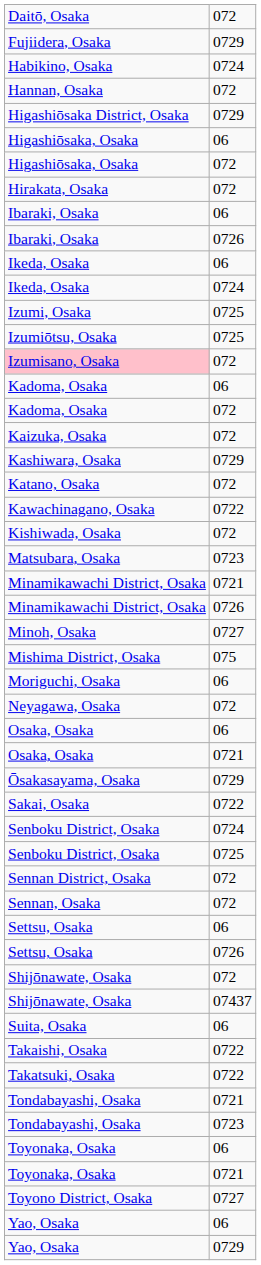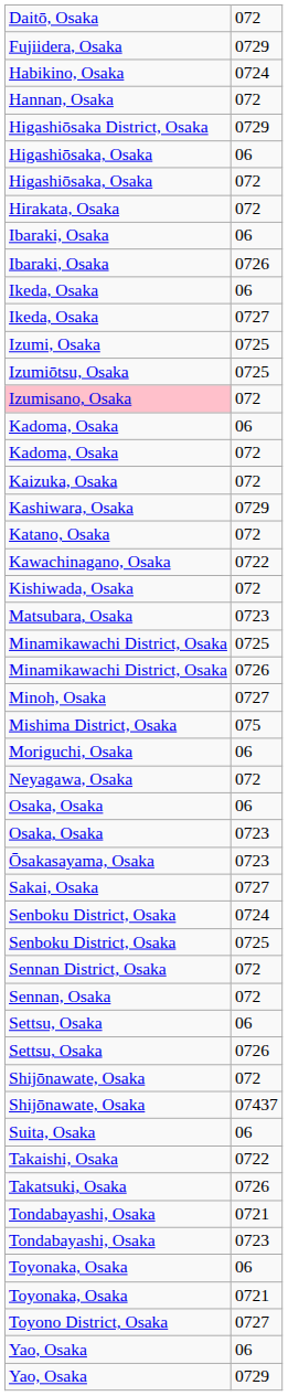 <table class="wikitable">
 <tr>
 <td><a href='#'>Daitō, Osaka</a></td>
 <td>072</td>
 </tr>
 <tr>
 <td><a href='#'>Fujiidera, Osaka</a></td>
 <td>0729</td>
 </tr>
 <tr>
 <td><a href='#'>Habikino, Osaka</a></td>
 <td>0724</td>
 </tr>
 <tr>
 <td><a href='#'>Hannan, Osaka</a></td>
 <td>072</td>
 </tr>
 <tr>
 <td><a href='#'>Higashiōsaka District, Osaka</a></td>
 <td>0729</td>
 </tr>
 <tr>
 <td><a href='#'>Higashiōsaka, Osaka</a></td>
 <td>06</td>
 </tr>
 <tr>
 <td><a href='#'>Higashiōsaka, Osaka</a></td>
 <td>072</td>
 </tr>
 <tr>
 <td><a href='#'>Hirakata, Osaka</a></td>
 <td>072</td>
 </tr>
 <tr>
 <td><a href='#'>Ibaraki, Osaka</a></td>
 <td>06</td>
 </tr>
 <tr>
 <td><a href='#'>Ibaraki, Osaka</a></td>
 <td>0726</td>
 </tr>
 <tr>
 <td><a href='#'>Ikeda, Osaka</a></td>
 <td>06</td>
 </tr>
 <tr>
 <td><a href='#'>Ikeda, Osaka</a></td>
-<td>0724</td>
+<td>0727</td>
 </tr>
 <tr>
 <td><a href='#'>Izumi, Osaka</a></td>
 <td>0725</td>
 </tr>
 <tr>
 <td><a href='#'>Izumiōtsu, Osaka</a></td>
 <td>0725</td>
 </tr>
 <tr>
 <td style="background: pink;"><a href='#'>Izumisano, Osaka</a></td>
 <td>072</td>
 </tr>
 <tr>
 <td><a href='#'>Kadoma, Osaka</a></td>
 <td>06</td>
 </tr>
 <tr>
 <td><a href='#'>Kadoma, Osaka</a></td>
 <td>072</td>
 </tr>
 <tr>
 <td><a href='#'>Kaizuka, Osaka</a></td>
 <td>072</td>
 </tr>
 <tr>
 <td><a href='#'>Kashiwara, Osaka</a></td>
 <td>0729</td>
 </tr>
 <tr>
 <td><a href='#'>Katano, Osaka</a></td>
 <td>072</td>
 </tr>
 <tr>
 <td><a href='#'>Kawachinagano, Osaka</a></td>
 <td>0722</td>
 </tr>
 <tr>
 <td><a href='#'>Kishiwada, Osaka</a></td>
 <td>072</td>
 </tr>
 <tr>
 <td><a href='#'>Matsubara, Osaka</a></td>
 <td>0723</td>
 </tr>
 <tr>
 <td><a href='#'>Minamikawachi District, Osaka</a></td>
-<td>0721</td>
+<td>0725</td>
 </tr>
 <tr>
 <td><a href='#'>Minamikawachi District, Osaka</a></td>
 <td>0726</td>
 </tr>
 <tr>
 <td><a href='#'>Minoh, Osaka</a></td>
 <td>0727</td>
 </tr>
 <tr>
 <td><a href='#'>Mishima District, Osaka</a></td>
 <td>075</td>
 </tr>
 <tr>
 <td><a href='#'>Moriguchi, Osaka</a></td>
 <td>06</td>
 </tr>
 <tr>
 <td><a href='#'>Neyagawa, Osaka</a></td>
 <td>072</td>
 </tr>
 <tr>
 <td><a href='#'>Osaka, Osaka</a></td>
 <td>06</td>
 </tr>
 <tr>
 <td><a href='#'>Osaka, Osaka</a></td>
-<td>0721</td>
+<td>0723</td>
 </tr>
 <tr>
 <td><a href='#'>Ōsakasayama, Osaka</a></td>
-<td>0729</td>
+<td>0723</td>
 </tr>
 <tr>
 <td><a href='#'>Sakai, Osaka</a></td>
-<td>0722</td>
+<td>0727</td>
 </tr>
 <tr>
 <td><a href='#'>Senboku District, Osaka</a></td>
 <td>0724</td>
 </tr>
 <tr>
 <td><a href='#'>Senboku District, Osaka</a></td>
 <td>0725</td>
 </tr>
 <tr>
 <td><a href='#'>Sennan District, Osaka</a></td>
 <td>072</td>
 </tr>
 <tr>
 <td><a href='#'>Sennan, Osaka</a></td>
 <td>072</td>
 </tr>
 <tr>
 <td><a href='#'>Settsu, Osaka</a></td>
 <td>06</td>
 </tr>
 <tr>
 <td><a href='#'>Settsu, Osaka</a></td>
 <td>0726</td>
 </tr>
 <tr>
 <td><a href='#'>Shijōnawate, Osaka</a></td>
 <td>072</td>
 </tr>
 <tr>
 <td><a href='#'>Shijōnawate, Osaka</a></td>
 <td>07437</td>
 </tr>
 <tr>
 <td><a href='#'>Suita, Osaka</a></td>
 <td>06</td>
 </tr>
 <tr>
 <td><a href='#'>Takaishi, Osaka</a></td>
 <td>0722</td>
 </tr>
 <tr>
 <td><a href='#'>Takatsuki, Osaka</a></td>
-<td>0722</td>
+<td>0726</td>
 </tr>
 <tr>
 <td><a href='#'>Tondabayashi, Osaka</a></td>
 <td>0721</td>
 </tr>
 <tr>
 <td><a href='#'>Tondabayashi, Osaka</a></td>
 <td>0723</td>
 </tr>
 <tr>
 <td><a href='#'>Toyonaka, Osaka</a></td>
 <td>06</td>
 </tr>
 <tr>
 <td><a href='#'>Toyonaka, Osaka</a></td>
 <td>0721</td>
 </tr>
 <tr>
 <td><a href='#'>Toyono District, Osaka</a></td>
 <td>0727</td>
 </tr>
 <tr>
 <td><a href='#'>Yao, Osaka</a></td>
 <td>06</td>
 </tr>
 <tr>
 <td><a href='#'>Yao, Osaka</a></td>
 <td>0729</td>
 </tr>
 </table>
